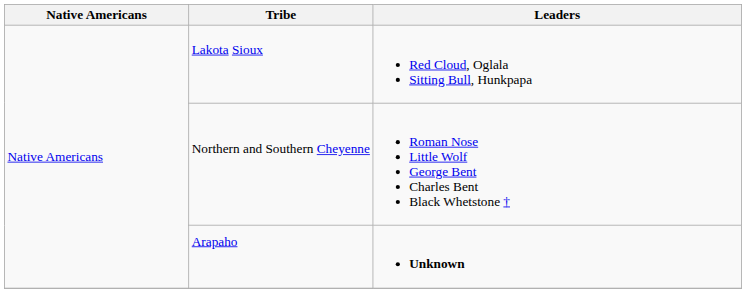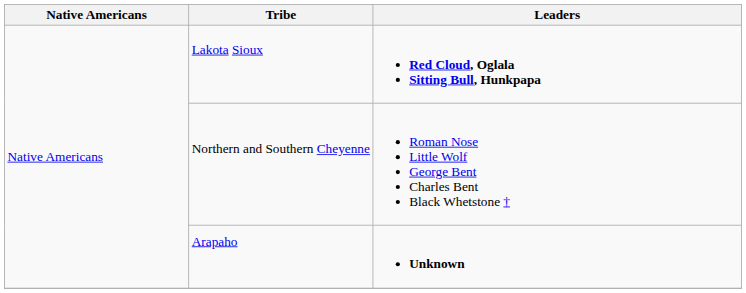 <table class="wikitable">
 <tr>
 <th width=25%>Native Americans</th>
 <th width=25%>Tribe</th>
 <th>Leaders</th>
 </tr>
 <tr>
 <td rowspan=3><br><a href='#'>Native Americans</a><br>    </td>
 <td><a href='#'>Lakota</a> <a href='#'>Sioux</a><br><br>  </td>
-<td><br><ul><li><a href='#'>Red Cloud</a>, Oglala</li><li><a href='#'>Sitting Bull</a>, Hunkpapa</li></ul></td>
+<td><strong><br><ul><li><a href='#'>Red Cloud</a>, Oglala</li><li><a href='#'>Sitting Bull</a>, Hunkpapa</li></ul></strong></td>
 </tr>
 <tr>
 <td>Northern and Southern <a href='#'>Cheyenne</a><br><br>  </td>
 <td><br><ul><li><a href='#'>Roman Nose</a></li><li><a href='#'>Little Wolf</a></li><li><a href='#'>George Bent</a></li><li>Charles Bent</li><li>Black Whetstone <a href='#'>†</a></li></ul></td>
 </tr>
 <tr>
 <td><a href='#'>Arapaho</a><br><br>  </td>
 <td><strong><br><ul><li>Unknown</li></ul></strong></td>
 </tr>
 <tr>
 </tr>
 </table>
